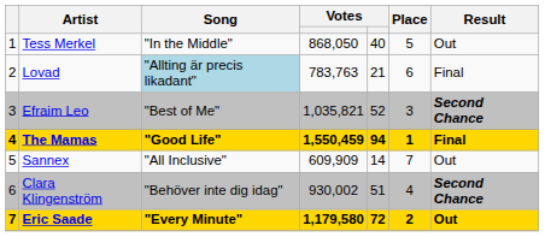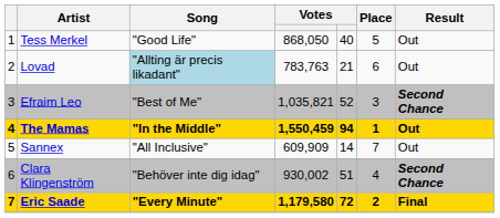 <table class="sortable wikitable" style="margin: 1em auto 1em auto; text-align:center;">
 <tr>
 <th rowspan="2"></th>
 <th rowspan="2">Artist</th>
 <th rowspan="2">Song</th>
 <th colspan="2" class="unsortable">Votes</th>
 <th rowspan="2">Place</th>
 <th rowspan="2">Result</th>
 </tr>
 <tr>
 <th><small></small></th>
 <th><small></small></th>
 </tr>
 <tr>
 <td>1</td>
 <td align="left"><a href='#'>Tess Merkel</a></td>
-<td align="left">"In the Middle"</td>
+<td align="left">"Good Life"</td>
 <td>868,050</td>
 <td>40</td>
 <td>5</td>
 <td align="left">Out</td>
 </tr>
 <tr>
 <td>2</td>
 <td align="left"><a href='#'>Lovad</a></td>
 <td align="left" style="background: lightblue;">"Allting är precis likadant"</td>
 <td>783,763</td>
 <td>21</td>
 <td>6</td>
-<td align="left">Final</td>
+<td align="left">Out</td>
 </tr>
 <tr style="background:silver;">
 <td>3</td>
 <td align="left"><a href='#'>Efraim Leo</a></td>
 <td align="left">"Best of Me"</td>
 <td>1,035,821</td>
 <td>52</td>
 <td>3</td>
 <td align="left"><strong><em>Second Chance</em></strong></td>
 </tr>
 <tr>
 </tr>
 <tr style="font-weight:bold;background:gold">
 <td>4</td>
 <td align="left"><a href='#'>The Mamas</a></td>
-<td align="left">"Good Life"</td>
+<td align="left">"In the Middle"</td>
 <td>1,550,459</td>
 <td>94</td>
 <td>1</td>
-<td align="left">Final</td>
+<td align="left">Out</td>
 </tr>
 <tr>
 <td>5</td>
 <td align="left"><a href='#'>Sannex</a></td>
 <td align="left">"All Inclusive"</td>
 <td>609,909</td>
 <td>14</td>
 <td>7</td>
 <td align="left">Out</td>
 </tr>
 <tr style="background:silver;">
 <td>6</td>
 <td align="left"><a href='#'>Clara Klingenström</a></td>
 <td align="left">"Behöver inte dig idag"</td>
 <td>930,002</td>
 <td>51</td>
 <td>4</td>
 <td align="left"><strong><em>Second Chance</em></strong></td>
 </tr>
 <tr style="font-weight:bold;background:gold;">
 <td>7</td>
 <td align="left"><a href='#'>Eric Saade</a></td>
 <td align="left">"Every Minute"</td>
 <td>1,179,580</td>
 <td>72</td>
 <td>2</td>
-<td align="left">Out</td>
+<td align="left">Final</td>
 </tr>
 <tr>
 </tr>
 </table>
